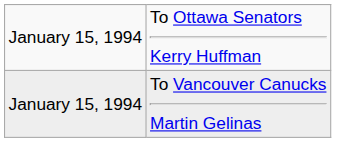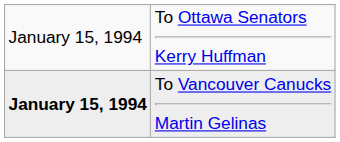 <table class="wikitable">
 <tr>
 <td>January 15, 1994</td>
 <td valign="top">To <a href='#'>Ottawa Senators</a><hr><a href='#'>Kerry Huffman</a></td>
 </tr>
 <tr style="background:#eee;">
-<td>January 15, 1994</td>
+<td><strong>January 15, 1994</strong></td>
 <td valign="top">To <a href='#'>Vancouver Canucks</a><hr><a href='#'>Martin Gelinas</a></td>
 </tr>
 </table>
